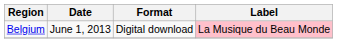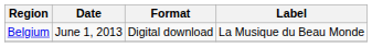 <table class=wikitable>
 <tr>
 <th>Region</th>
 <th>Date</th>
 <th>Format</th>
 <th>Label</th>
 </tr>
 <tr>
 <td><a href='#'>Belgium</a></td>
 <td>June 1, 2013</td>
 <td>Digital download</td>
-<td style="background: pink;">La Musique du Beau Monde</td>
+<td>La Musique du Beau Monde</td>
 </tr>
 <tr>
 </tr>
 </table>
